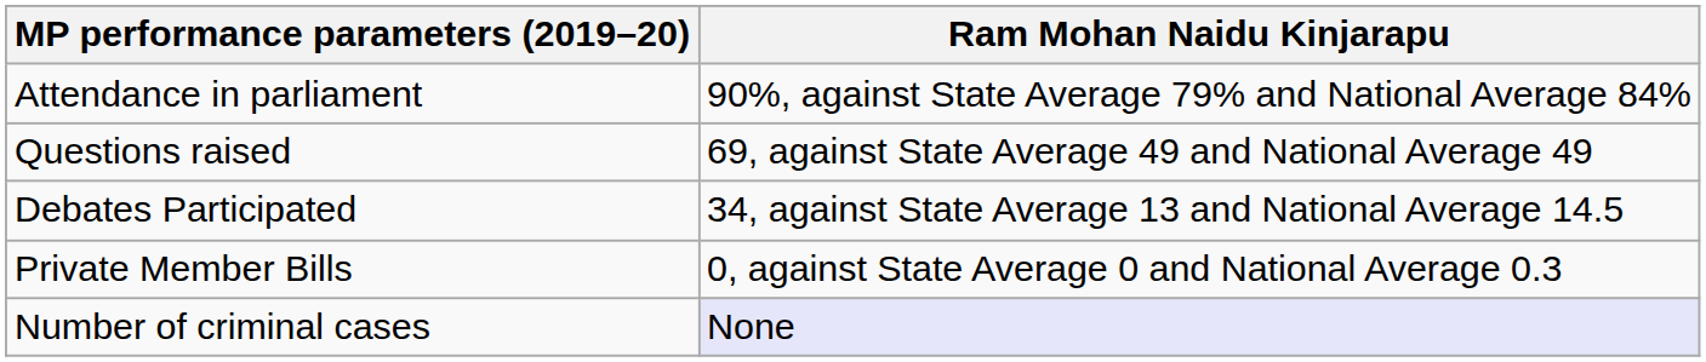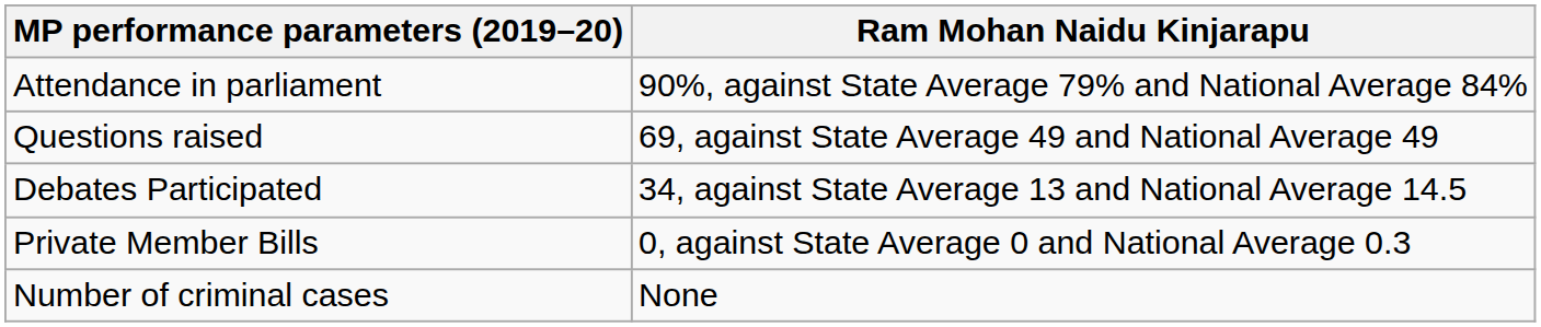 <table class="wikitable">
 <tr>
 <th>MP performance parameters (2019–20)</th>
 <th>Ram Mohan Naidu Kinjarapu</th>
 </tr>
 <tr>
 <td>Attendance in parliament</td>
 <td>90%, against State Average 79% and National Average 84%</td>
 </tr>
 <tr>
 <td>Questions raised</td>
 <td>69, against State Average 49 and National Average 49</td>
 </tr>
 <tr>
 <td>Debates Participated</td>
 <td>34, against State Average 13 and National Average 14.5</td>
 </tr>
 <tr>
 <td>Private Member Bills</td>
 <td>0, against State Average 0 and National Average 0.3</td>
 </tr>
 <tr>
 <td>Number of criminal cases</td>
-<td style="background: lavender;">None</td>
+<td>None</td>
 </tr>
 </table>
